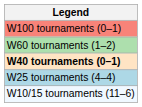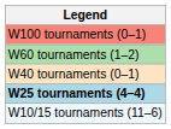 <table class="wikitable" style="font-size:85%">
 <tr>
 <th>Legend</th>
 </tr>
 <tr style="background:#f88379;">
 <td>W100 tournaments (0–1)</td>
 </tr>
 <tr style="background:#addfad;">
 <td>W60 tournaments (1–2)</td>
 </tr>
 <tr style="background:#ffe4c4;">
-<td><strong>W40 tournaments (0–1)</strong></td>
+<td>W40 tournaments (0–1)</td>
 </tr>
 <tr style="background:lightblue;">
-<td>W25 tournaments (4–4)</td>
+<td><strong>W25 tournaments (4–4)</strong></td>
 </tr>
 <tr style="background:#f0f8ff;">
 <td>W10/15 tournaments (11–6)</td>
 </tr>
 </table>
